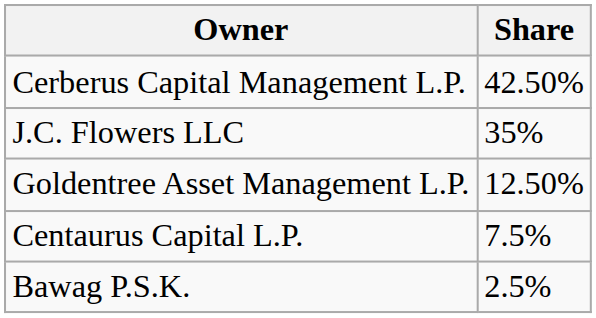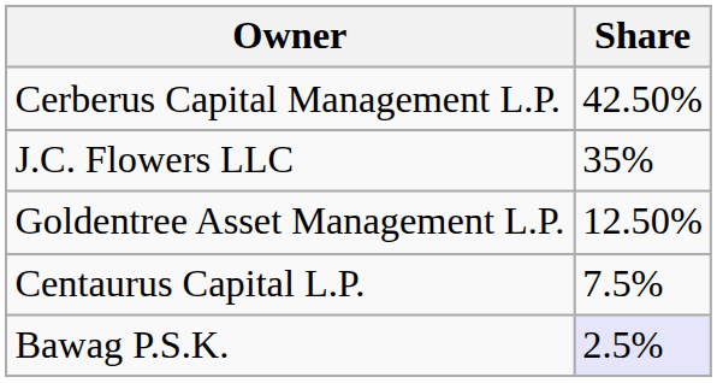 <table class="wikitable" border="1">
 <tr>
 <th>Owner</th>
 <th>Share</th>
 </tr>
 <tr>
 <td>Cerberus Capital Management L.P.</td>
 <td>42.50%</td>
 </tr>
 <tr>
 <td>J.C. Flowers LLC</td>
 <td>35%</td>
 </tr>
 <tr>
 <td>Goldentree Asset Management L.P.</td>
 <td>12.50%</td>
 </tr>
 <tr>
 <td>Centaurus Capital L.P.</td>
 <td>7.5%</td>
 </tr>
 <tr>
 <td>Bawag P.S.K.</td>
-<td>2.5%</td>
+<td style="background: lavender;">2.5%</td>
 </tr>
 </table>
